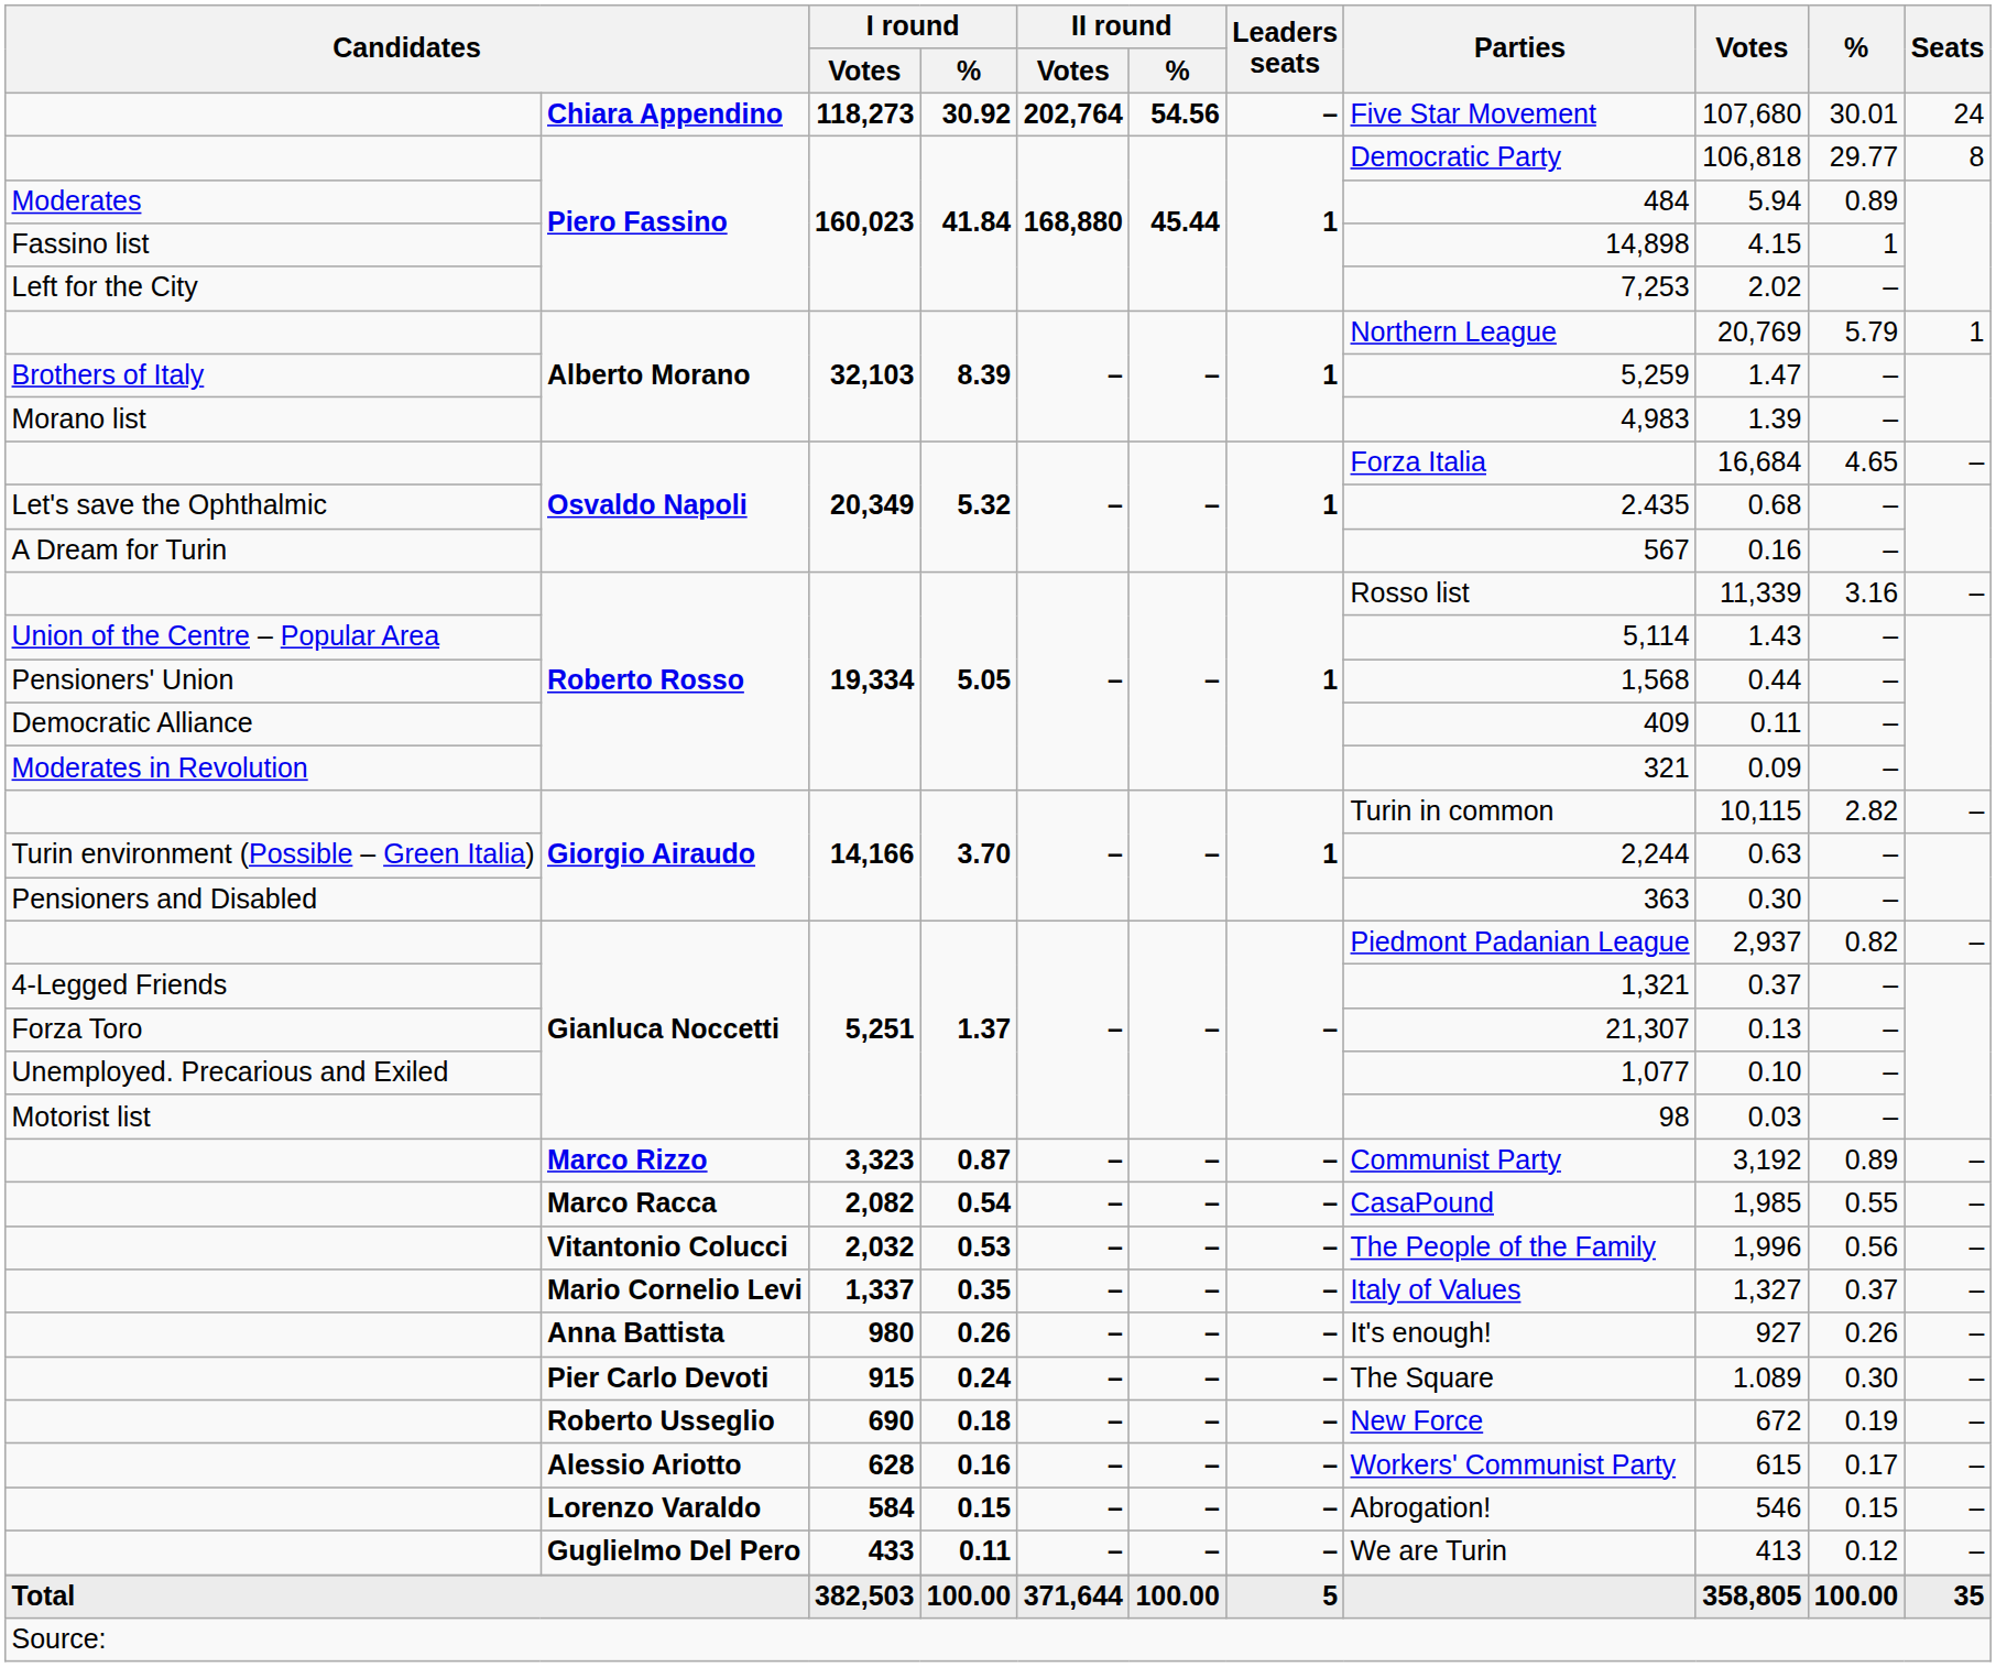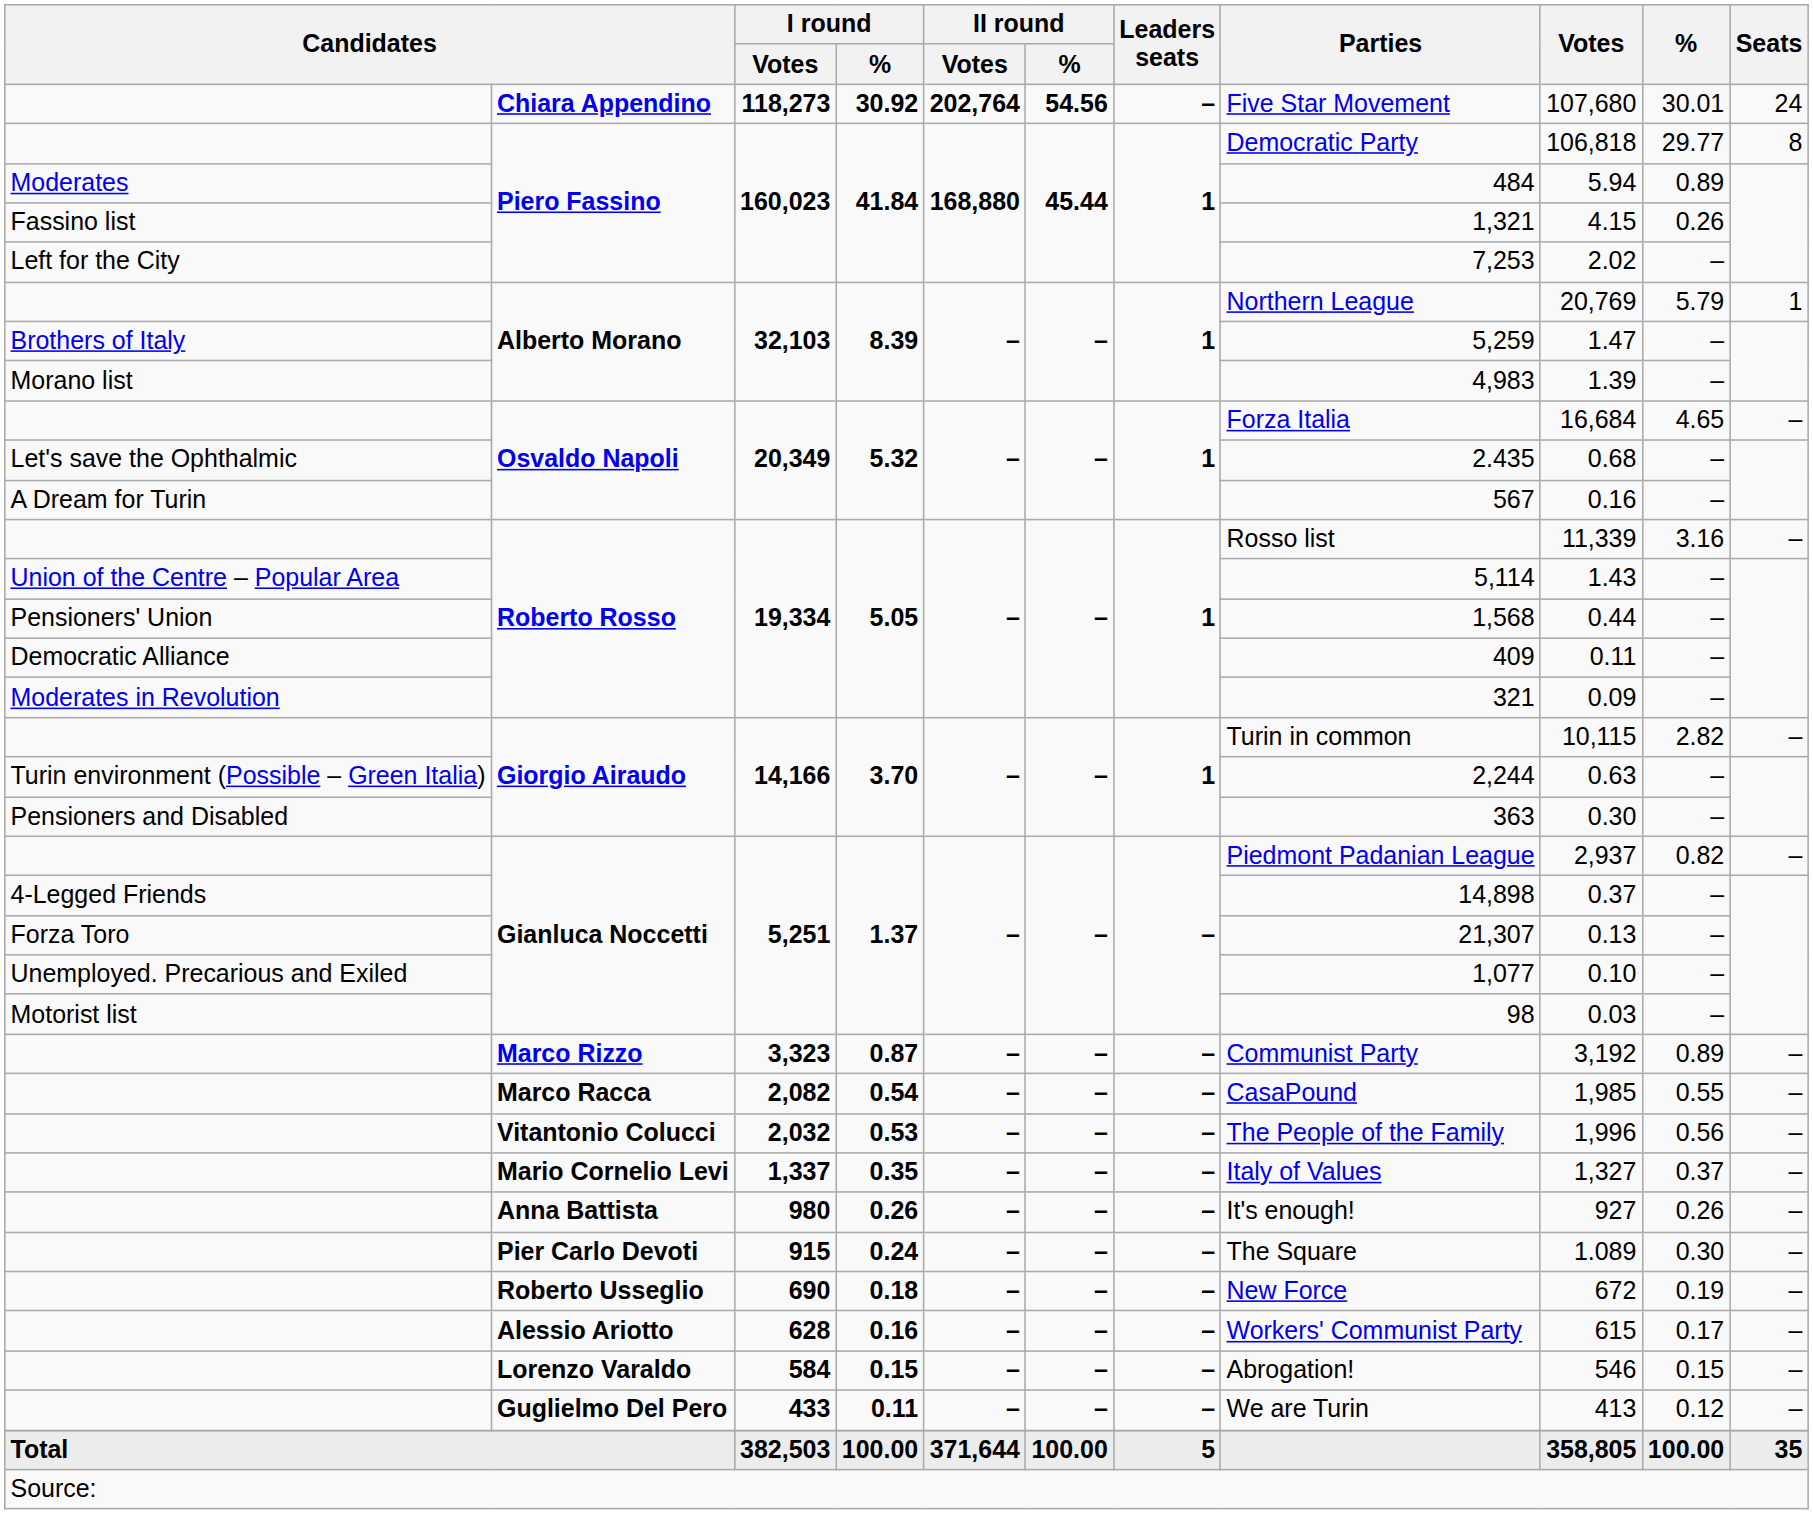 <table class="wikitable" style="text-align:left">
 <tr>
 <th rowspan=2 colspan="2">Candidates</th>
 <th colspan=2>I round</th>
 <th colspan=2>II round</th>
 <th rowspan=2>Leaders<br> seats</th>
 <th rowspan=2>Parties</th>
 <th rowspan=2>Votes</th>
 <th rowspan=2>%</th>
 <th rowspan=2>Seats</th>
 </tr>
 <tr>
 <th>Votes</th>
 <th>%</th>
 <th>Votes</th>
 <th>%</th>
 </tr>
 <tr>
 <td></td>
 <td><strong><a href='#'>Chiara Appendino</a></strong></td>
 <td align=right><strong>118,273</strong></td>
 <td align=right><strong>30.92</strong></td>
 <td align=right><strong>202,764</strong></td>
 <td align=right><strong>54.56</strong></td>
 <td align=right><strong>–</strong></td>
 <td><a href='#'>Five Star Movement</a></td>
 <td align=right>107,680</td>
 <td align=right>30.01</td>
 <td align=right>24</td>
 </tr>
 <tr>
 <td></td>
 <td rowspan=4><strong><a href='#'>Piero Fassino</a></strong></td>
 <td rowspan=4 align=right><strong>160,023</strong></td>
 <td rowspan=4 align=right><strong>41.84</strong></td>
 <td rowspan=4 align=right><strong>168,880</strong></td>
 <td rowspan=4 align=right><strong>45.44</strong></td>
 <td rowspan=4 align=right><strong>1</strong></td>
 <td><a href='#'>Democratic Party</a></td>
 <td align=right>106,818</td>
 <td align=right>29.77</td>
 <td align=right>8</td>
 </tr>
 <tr>
 <td><a href='#'>Moderates</a></td>
 <td align=right>484</td>
 <td align=right>5.94</td>
 <td align=right>0.89</td>
 </tr>
 <tr>
 <td>Fassino list</td>
-<td align=right>14,898</td>
+<td align=right>1,321</td>
 <td align=right>4.15</td>
-<td align=right>1</td>
+<td align=right>0.26</td>
 </tr>
 <tr>
 <td>Left for the City</td>
 <td align=right>7,253</td>
 <td align=right>2.02</td>
 <td align=right>–</td>
 </tr>
 <tr>
 <td></td>
 <td rowspan=3><strong>Alberto Morano</strong></td>
 <td rowspan=3 align=right><strong>32,103</strong></td>
 <td rowspan=3 align=right><strong>8.39</strong></td>
 <td rowspan=3 align=right><strong>–</strong></td>
 <td rowspan=3 align=right><strong>–</strong></td>
 <td rowspan=3 align=right><strong>1</strong></td>
 <td><a href='#'>Northern League</a></td>
 <td align=right>20,769</td>
 <td align=right>5.79</td>
 <td align=right>1</td>
 </tr>
 <tr>
 <td><a href='#'>Brothers of Italy</a></td>
 <td align=right>5,259</td>
 <td align=right>1.47</td>
 <td align=right>–</td>
 </tr>
 <tr>
 <td>Morano list</td>
 <td align=right>4,983</td>
 <td align=right>1.39</td>
 <td align=right>–</td>
 </tr>
 <tr>
 <td></td>
 <td rowspan=3><strong><a href='#'>Osvaldo Napoli</a></strong></td>
 <td rowspan=3 align=right><strong>20,349</strong></td>
 <td rowspan=3 align=right><strong>5.32</strong></td>
 <td rowspan=3 align=right><strong>–</strong></td>
 <td rowspan=3 align=right><strong>–</strong></td>
 <td rowspan=3 align=right><strong>1</strong></td>
 <td><a href='#'>Forza Italia</a></td>
 <td align=right>16,684</td>
 <td align=right>4.65</td>
 <td align=right>–</td>
 </tr>
 <tr>
 <td>Let's save the Ophthalmic</td>
 <td align=right>2.435</td>
 <td align=right>0.68</td>
 <td align=right>–</td>
 </tr>
 <tr>
 <td>A Dream for Turin</td>
 <td align=right>567</td>
 <td align=right>0.16</td>
 <td align=right>–</td>
 </tr>
 <tr>
 <td></td>
 <td rowspan=5><strong><a href='#'>Roberto Rosso</a></strong></td>
 <td rowspan=5 align=right><strong>19,334</strong></td>
 <td rowspan=5 align=right><strong>5.05</strong></td>
 <td rowspan=5 align=right><strong>–</strong></td>
 <td rowspan=5 align=right><strong>–</strong></td>
 <td rowspan=5 align=right><strong>1</strong></td>
 <td>Rosso list</td>
 <td align=right>11,339</td>
 <td align=right>3.16</td>
 <td align=right>–</td>
 </tr>
 <tr>
 <td><a href='#'>Union of the Centre</a> – <a href='#'>Popular Area</a></td>
 <td align=right>5,114</td>
 <td align=right>1.43</td>
 <td align=right>–</td>
 </tr>
 <tr>
 <td>Pensioners' Union</td>
 <td align=right>1,568</td>
 <td align=right>0.44</td>
 <td align=right>–</td>
 </tr>
 <tr>
 <td>Democratic Alliance</td>
 <td align=right>409</td>
 <td align=right>0.11</td>
 <td align=right>–</td>
 </tr>
 <tr>
 <td><a href='#'>Moderates in Revolution</a></td>
 <td align=right>321</td>
 <td align=right>0.09</td>
 <td align=right>–</td>
 </tr>
 <tr>
 <td></td>
 <td rowspan=3><strong><a href='#'>Giorgio Airaudo</a></strong></td>
 <td rowspan=3 align=right><strong>14,166</strong></td>
 <td rowspan=3 align=right><strong>3.70</strong></td>
 <td rowspan=3 align=right><strong>–</strong></td>
 <td rowspan=3 align=right><strong>–</strong></td>
 <td rowspan=3 align=right><strong>1</strong></td>
 <td>Turin in common</td>
 <td align=right>10,115</td>
 <td align=right>2.82</td>
 <td align=right>–</td>
 </tr>
 <tr>
 <td>Turin environment (<a href='#'>Possible</a> – <a href='#'>Green Italia</a>)</td>
 <td align=right>2,244</td>
 <td align=right>0.63</td>
 <td align=right>–</td>
 </tr>
 <tr>
 <td>Pensioners and Disabled</td>
 <td align=right>363</td>
 <td align=right>0.30</td>
 <td align=right>–</td>
 </tr>
 <tr>
 <td></td>
 <td rowspan=5><strong>Gianluca Noccetti</strong></td>
 <td rowspan=5 align=right><strong>5,251</strong></td>
 <td rowspan=5 align=right><strong>1.37</strong></td>
 <td rowspan=5 align=right><strong>–</strong></td>
 <td rowspan=5 align=right><strong>–</strong></td>
 <td rowspan=5 align=right><strong>–</strong></td>
 <td><a href='#'>Piedmont Padanian League</a></td>
 <td align=right>2,937</td>
 <td align=right>0.82</td>
 <td align=right>–</td>
 </tr>
 <tr>
 <td>4-Legged Friends</td>
-<td align=right>1,321</td>
+<td align=right>14,898</td>
 <td align=right>0.37</td>
 <td align=right>–</td>
 </tr>
 <tr>
 <td>Forza Toro</td>
 <td align=right>21,307</td>
 <td align=right>0.13</td>
 <td align=right>–</td>
 </tr>
 <tr>
 <td>Unemployed. Precarious and Exiled</td>
 <td align=right>1,077</td>
 <td align=right>0.10</td>
 <td align=right>–</td>
 </tr>
 <tr>
 <td>Motorist list</td>
 <td align=right>98</td>
 <td align=right>0.03</td>
 <td align=right>–</td>
 </tr>
 <tr>
 <td></td>
 <td><strong><a href='#'>Marco Rizzo</a></strong></td>
 <td align=right><strong>3,323</strong></td>
 <td align=right><strong>0.87</strong></td>
 <td align=right><strong>–</strong></td>
 <td align=right><strong>–</strong></td>
 <td align=right><strong>–</strong></td>
 <td><a href='#'>Communist Party</a></td>
 <td align=right>3,192</td>
 <td align=right>0.89</td>
 <td align=right>–</td>
 </tr>
 <tr>
 <td></td>
 <td><strong>Marco Racca</strong></td>
 <td align=right><strong>2,082</strong></td>
 <td align=right><strong>0.54</strong></td>
 <td align=right><strong>–</strong></td>
 <td align=right><strong>–</strong></td>
 <td align=right><strong>–</strong></td>
 <td><a href='#'>CasaPound</a></td>
 <td align=right>1,985</td>
 <td align=right>0.55</td>
 <td align=right>–</td>
 </tr>
 <tr>
 <td></td>
 <td><strong>Vitantonio Colucci</strong></td>
 <td align=right><strong>2,032</strong></td>
 <td align=right><strong>0.53</strong></td>
 <td align=right><strong>–</strong></td>
 <td align=right><strong>–</strong></td>
 <td align=right><strong>–</strong></td>
 <td><a href='#'>The People of the Family</a></td>
 <td align=right>1,996</td>
 <td align=right>0.56</td>
 <td align=right>–</td>
 </tr>
 <tr>
 <td></td>
 <td><strong>Mario Cornelio Levi</strong></td>
 <td align=right><strong>1,337</strong></td>
 <td align=right><strong>0.35</strong></td>
 <td align=right><strong>–</strong></td>
 <td align=right><strong>–</strong></td>
 <td align=right><strong>–</strong></td>
 <td><a href='#'>Italy of Values</a></td>
 <td align=right>1,327</td>
 <td align=right>0.37</td>
 <td align=right>–</td>
 </tr>
 <tr>
 <td></td>
 <td><strong>Anna Battista</strong></td>
 <td align=right><strong>980</strong></td>
 <td align=right><strong>0.26</strong></td>
 <td align=right><strong>–</strong></td>
 <td align=right><strong>–</strong></td>
 <td align=right><strong>–</strong></td>
 <td>It's enough!</td>
 <td align=right>927</td>
 <td align=right>0.26</td>
 <td align=right>–</td>
 </tr>
 <tr>
 <td></td>
 <td><strong>Pier Carlo Devoti</strong></td>
 <td align=right><strong>915</strong></td>
 <td align=right><strong>0.24</strong></td>
 <td align=right><strong>–</strong></td>
 <td align=right><strong>–</strong></td>
 <td align=right><strong>–</strong></td>
 <td>The Square</td>
 <td align=right>1.089</td>
 <td align=right>0.30</td>
 <td align=right>–</td>
 </tr>
 <tr>
 <td></td>
 <td><strong>Roberto Usseglio</strong></td>
 <td align=right><strong>690</strong></td>
 <td align=right><strong>0.18</strong></td>
 <td align=right><strong>–</strong></td>
 <td align=right><strong>–</strong></td>
 <td align=right><strong>–</strong></td>
 <td><a href='#'>New Force</a></td>
 <td align=right>672</td>
 <td align=right>0.19</td>
 <td align=right>–</td>
 </tr>
 <tr>
 <td></td>
 <td><strong>Alessio Ariotto</strong></td>
 <td align=right><strong>628</strong></td>
 <td align=right><strong>0.16</strong></td>
 <td align=right><strong>–</strong></td>
 <td align=right><strong>–</strong></td>
 <td align=right><strong>–</strong></td>
 <td><a href='#'>Workers' Communist Party</a></td>
 <td align=right>615</td>
 <td align=right>0.17</td>
 <td align=right>–</td>
 </tr>
 <tr>
 <td></td>
 <td><strong>Lorenzo Varaldo</strong></td>
 <td align=right><strong>584</strong></td>
 <td align=right><strong>0.15</strong></td>
 <td align=right><strong>–</strong></td>
 <td align=right><strong>–</strong></td>
 <td align=right><strong>–</strong></td>
 <td>Abrogation!</td>
 <td align=right>546</td>
 <td align=right>0.15</td>
 <td align=right>–</td>
 </tr>
 <tr>
 <td></td>
 <td><strong>Guglielmo Del Pero</strong></td>
 <td align=right><strong>433</strong></td>
 <td align=right><strong>0.11</strong></td>
 <td align=right><strong>–</strong></td>
 <td align=right><strong>–</strong></td>
 <td align=right><strong>–</strong></td>
 <td>We are Turin</td>
 <td align=right>413</td>
 <td align=right>0.12</td>
 <td align=right>–</td>
 </tr>
 <tr>
 </tr>
 <tr bgcolor=ececec>
 <td colspan="2"><strong>Total</strong></td>
 <td align=right><strong>382,503</strong></td>
 <td align=right><strong>100.00</strong></td>
 <td align=right><strong>371,644</strong></td>
 <td align=right><strong>100.00</strong></td>
 <td align=right><strong>5</strong></td>
 <td align=right></td>
 <td align=right><strong>358,805</strong></td>
 <td align=right><strong>100.00</strong></td>
 <td align=right><strong>35</strong></td>
 </tr>
 <tr>
 <td style="text-align:left;" colspan="11">Source: </td>
 </tr>
 </table>
